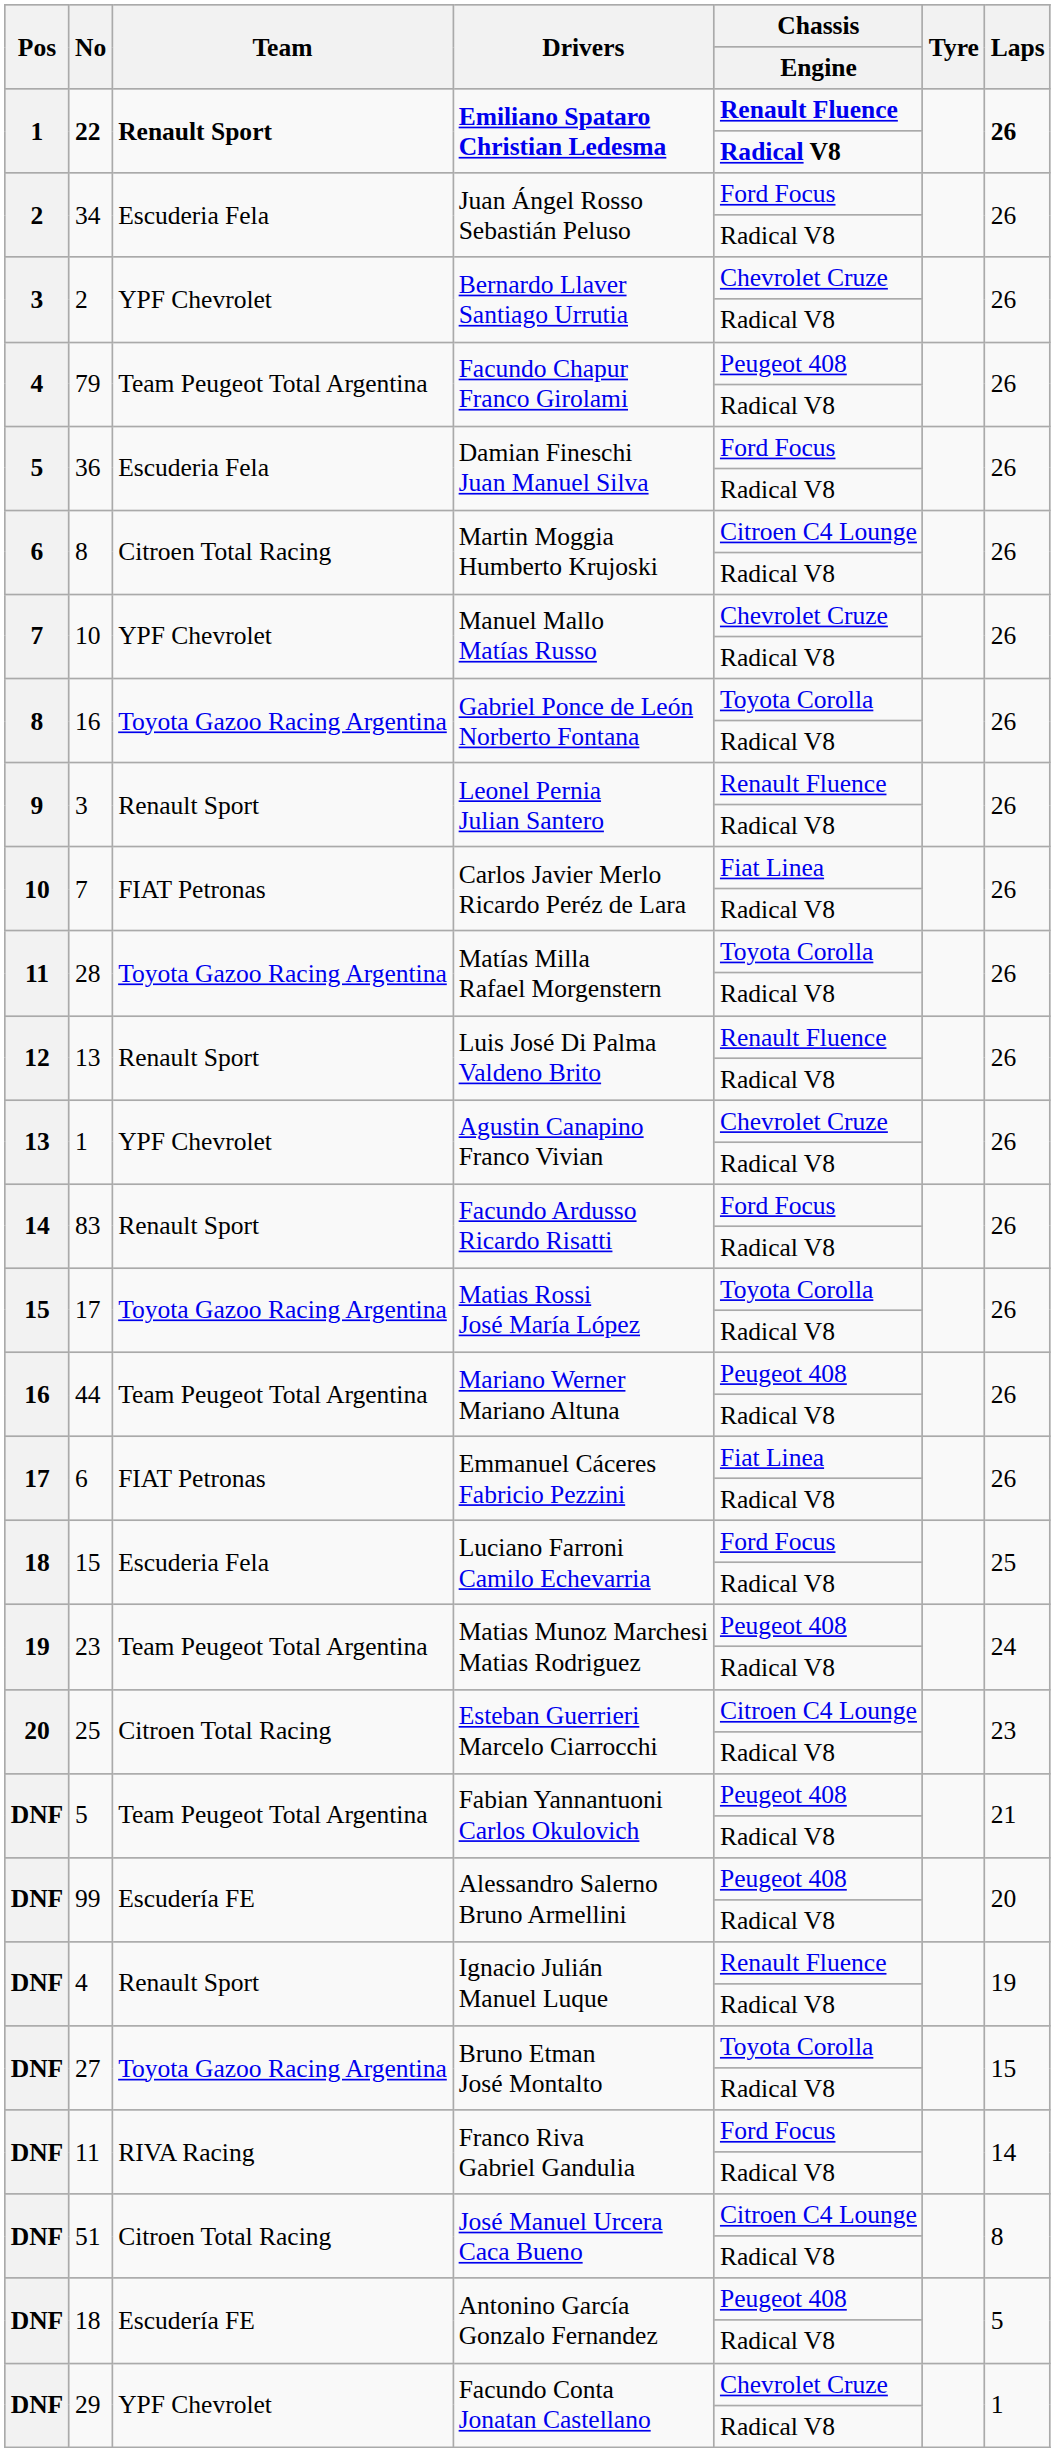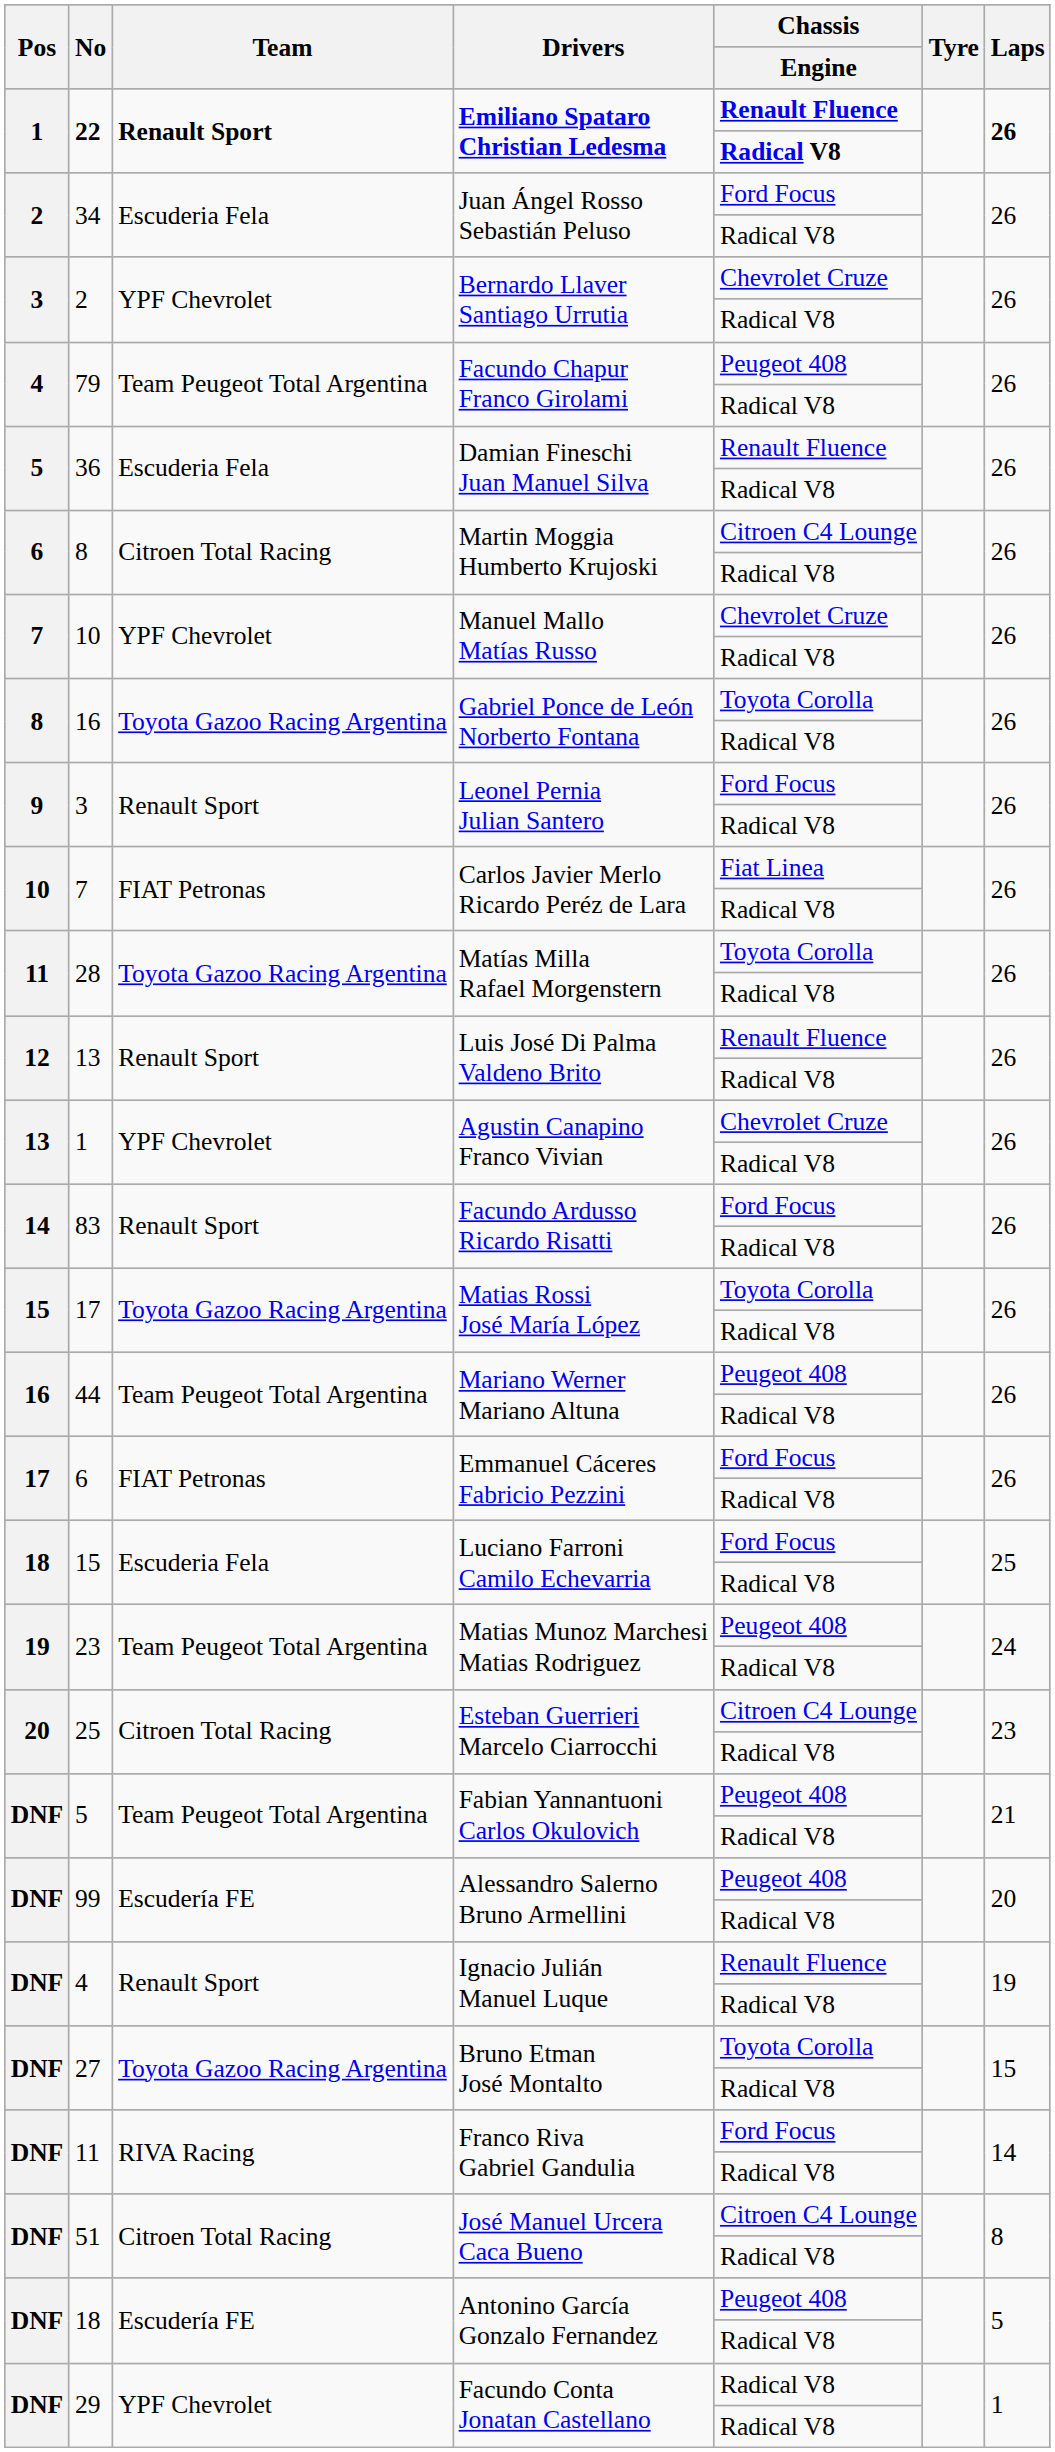 <table class="wikitable" style="font-size: 95%;">
 <tr>
 <th rowspan=2>Pos</th>
 <th rowspan=2>No</th>
 <th rowspan=2>Team</th>
 <th rowspan=2>Drivers</th>
 <th>Chassis</th>
 <th rowspan=2>Tyre</th>
 <th rowspan=2>Laps</th>
 </tr>
 <tr>
 <th>Engine</th>
 </tr>
 <tr style="font-weight:bold">
 <th rowspan=2>1</th>
 <td rowspan=2>22</td>
 <td rowspan=2>Renault Sport</td>
 <td rowspan=2> <a href='#'>Emiliano Spataro</a><br> <a href='#'>Christian Ledesma</a></td>
 <td><a href='#'>Renault Fluence</a></td>
 <td rowspan=2></td>
 <td rowspan=2>26</td>
 </tr>
 <tr style="font-weight:bold">
 <td><a href='#'>Radical</a> V8</td>
 </tr>
 <tr>
 <th rowspan=2>2</th>
 <td rowspan=2>34</td>
 <td rowspan=2>Escuderia Fela</td>
 <td rowspan=2> Juan Ángel Rosso<br> Sebastián Peluso</td>
 <td><a href='#'>Ford Focus</a></td>
 <td rowspan=2></td>
 <td rowspan=2>26</td>
 </tr>
 <tr>
 <td>Radical V8</td>
 </tr>
 <tr>
 <th rowspan=2>3</th>
 <td rowspan=2>2</td>
 <td rowspan=2>YPF Chevrolet</td>
 <td rowspan=2> <a href='#'>Bernardo Llaver</a><br> <a href='#'>Santiago Urrutia</a></td>
 <td><a href='#'>Chevrolet Cruze</a></td>
 <td rowspan=2></td>
 <td rowspan=2>26</td>
 </tr>
 <tr>
 <td>Radical V8</td>
 </tr>
 <tr>
 <th rowspan=2>4</th>
 <td rowspan=2>79</td>
 <td rowspan=2>Team Peugeot Total Argentina</td>
 <td rowspan=2> <a href='#'>Facundo Chapur</a><br> <a href='#'>Franco Girolami</a></td>
 <td><a href='#'>Peugeot 408</a></td>
 <td rowspan=2></td>
 <td rowspan=2>26</td>
 </tr>
 <tr>
 <td>Radical V8</td>
 </tr>
 <tr>
 <th rowspan=2>5</th>
 <td rowspan=2>36</td>
 <td rowspan=2>Escuderia Fela</td>
 <td rowspan=2> Damian Fineschi<br> <a href='#'>Juan Manuel Silva</a></td>
-<td><a href='#'>Ford Focus</a></td>
+<td><a href='#'>Renault Fluence</a></td>
 <td rowspan=2></td>
 <td rowspan=2>26</td>
 </tr>
 <tr>
 <td>Radical V8</td>
 </tr>
 <tr>
 <th rowspan=2>6</th>
 <td rowspan=2>8</td>
 <td rowspan=2>Citroen Total Racing</td>
 <td rowspan=2> Martin Moggia<br> Humberto Krujoski</td>
 <td><a href='#'>Citroen C4 Lounge</a></td>
 <td rowspan=2></td>
 <td rowspan=2>26</td>
 </tr>
 <tr>
 <td>Radical V8</td>
 </tr>
 <tr>
 <th rowspan=2>7</th>
 <td rowspan=2>10</td>
 <td rowspan=2>YPF Chevrolet</td>
 <td rowspan=2> Manuel Mallo<br> <a href='#'>Matías Russo</a></td>
 <td><a href='#'>Chevrolet Cruze</a></td>
 <td rowspan=2></td>
 <td rowspan=2>26</td>
 </tr>
 <tr>
 <td>Radical V8</td>
 </tr>
 <tr>
 <th rowspan=2>8</th>
 <td rowspan=2>16</td>
 <td rowspan=2><a href='#'>Toyota Gazoo Racing Argentina</a></td>
 <td rowspan=2> <a href='#'>Gabriel Ponce de León</a><br> <a href='#'>Norberto Fontana</a></td>
 <td><a href='#'>Toyota Corolla</a></td>
 <td rowspan=2></td>
 <td rowspan=2>26</td>
 </tr>
 <tr>
 <td>Radical V8</td>
 </tr>
 <tr>
 <th rowspan=2>9</th>
 <td rowspan=2>3</td>
 <td rowspan=2>Renault Sport</td>
 <td rowspan=2> <a href='#'>Leonel Pernia</a><br> <a href='#'>Julian Santero</a></td>
-<td><a href='#'>Renault Fluence</a></td>
+<td><a href='#'>Ford Focus</a></td>
 <td rowspan=2></td>
 <td rowspan=2>26</td>
 </tr>
 <tr>
 <td>Radical V8</td>
 </tr>
 <tr>
 <th rowspan=2>10</th>
 <td rowspan=2>7</td>
 <td rowspan=2>FIAT Petronas</td>
 <td rowspan=2> Carlos Javier Merlo<br> Ricardo Peréz de Lara</td>
 <td><a href='#'>Fiat Linea</a></td>
 <td rowspan=2></td>
 <td rowspan=2>26</td>
 </tr>
 <tr>
 <td>Radical V8</td>
 </tr>
 <tr>
 <th rowspan=2>11</th>
 <td rowspan=2>28</td>
 <td rowspan=2><a href='#'>Toyota Gazoo Racing Argentina</a></td>
 <td rowspan=2> Matías Milla<br> Rafael Morgenstern</td>
 <td><a href='#'>Toyota Corolla</a></td>
 <td rowspan=2></td>
 <td rowspan=2>26</td>
 </tr>
 <tr>
 <td>Radical V8</td>
 </tr>
 <tr>
 <th rowspan=2>12</th>
 <td rowspan=2>13</td>
 <td rowspan=2>Renault Sport</td>
 <td rowspan=2> Luis José Di Palma<br> <a href='#'>Valdeno Brito</a></td>
 <td><a href='#'>Renault Fluence</a></td>
 <td rowspan=2></td>
 <td rowspan=2>26</td>
 </tr>
 <tr>
 <td>Radical V8</td>
 </tr>
 <tr>
 <th rowspan=2>13</th>
 <td rowspan=2>1</td>
 <td rowspan=2>YPF Chevrolet</td>
 <td rowspan=2> <a href='#'>Agustin Canapino</a><br> Franco Vivian</td>
 <td><a href='#'>Chevrolet Cruze</a></td>
 <td rowspan=2></td>
 <td rowspan=2>26</td>
 </tr>
 <tr>
 <td>Radical V8</td>
 </tr>
 <tr>
 <th rowspan=2>14</th>
 <td rowspan=2>83</td>
 <td rowspan=2>Renault Sport</td>
 <td rowspan=2> <a href='#'>Facundo Ardusso</a><br> <a href='#'>Ricardo Risatti</a></td>
 <td><a href='#'>Ford Focus</a></td>
 <td rowspan=2></td>
 <td rowspan=2>26</td>
 </tr>
 <tr>
 <td>Radical V8</td>
 </tr>
 <tr>
 <th rowspan=2>15</th>
 <td rowspan=2>17</td>
 <td rowspan=2><a href='#'>Toyota Gazoo Racing Argentina</a></td>
 <td rowspan=2> <a href='#'>Matias Rossi</a><br> <a href='#'>José María López</a></td>
 <td><a href='#'>Toyota Corolla</a></td>
 <td rowspan=2></td>
 <td rowspan=2>26</td>
 </tr>
 <tr>
 <td>Radical V8</td>
 </tr>
 <tr>
 <th rowspan=2>16</th>
 <td rowspan=2>44</td>
 <td rowspan=2>Team Peugeot Total Argentina</td>
 <td rowspan=2> <a href='#'>Mariano Werner</a><br> Mariano Altuna</td>
 <td><a href='#'>Peugeot 408</a></td>
 <td rowspan=2></td>
 <td rowspan=2>26</td>
 </tr>
 <tr>
 <td>Radical V8</td>
 </tr>
 <tr>
 <th rowspan=2>17</th>
 <td rowspan=2>6</td>
 <td rowspan=2>FIAT Petronas</td>
 <td rowspan=2> Emmanuel Cáceres<br> <a href='#'>Fabricio Pezzini</a></td>
-<td><a href='#'>Fiat Linea</a></td>
+<td><a href='#'>Ford Focus</a></td>
 <td rowspan=2></td>
 <td rowspan=2>26</td>
 </tr>
 <tr>
 <td>Radical V8</td>
 </tr>
 <tr>
 <th rowspan=2>18</th>
 <td rowspan=2>15</td>
 <td rowspan=2>Escuderia Fela</td>
 <td rowspan=2> Luciano Farroni<br> <a href='#'>Camilo Echevarria</a></td>
 <td><a href='#'>Ford Focus</a></td>
 <td rowspan=2></td>
 <td rowspan=2>25</td>
 </tr>
 <tr>
 <td>Radical V8</td>
 </tr>
 <tr>
 <th rowspan=2>19</th>
 <td rowspan=2>23</td>
 <td rowspan=2>Team Peugeot Total Argentina</td>
 <td rowspan=2> Matias Munoz Marchesi<br> Matias Rodriguez</td>
 <td><a href='#'>Peugeot 408</a></td>
 <td rowspan=2></td>
 <td rowspan=2>24</td>
 </tr>
 <tr>
 <td>Radical V8</td>
 </tr>
 <tr>
 <th rowspan=2>20</th>
 <td rowspan=2>25</td>
 <td rowspan=2>Citroen Total Racing</td>
 <td rowspan=2> <a href='#'>Esteban Guerrieri</a><br> Marcelo Ciarrocchi</td>
 <td><a href='#'>Citroen C4 Lounge</a></td>
 <td rowspan=2></td>
 <td rowspan=2>23</td>
 </tr>
 <tr>
 <td>Radical V8</td>
 </tr>
 <tr>
 <th rowspan=2>DNF</th>
 <td rowspan=2>5</td>
 <td rowspan=2>Team Peugeot Total Argentina</td>
 <td rowspan=2> Fabian Yannantuoni<br> <a href='#'>Carlos Okulovich</a></td>
 <td><a href='#'>Peugeot 408</a></td>
 <td rowspan=2></td>
 <td rowspan=2>21</td>
 </tr>
 <tr>
 <td>Radical V8</td>
 </tr>
 <tr>
 <th rowspan=2>DNF</th>
 <td rowspan=2>99</td>
 <td rowspan=2>Escudería FE</td>
 <td rowspan=2> Alessandro Salerno<br> Bruno Armellini</td>
 <td><a href='#'>Peugeot 408</a></td>
 <td rowspan=2></td>
 <td rowspan=2>20</td>
 </tr>
 <tr>
 <td>Radical V8</td>
 </tr>
 <tr>
 <th rowspan=2>DNF</th>
 <td rowspan=2>4</td>
 <td rowspan=2>Renault Sport</td>
 <td rowspan=2> Ignacio Julián<br> Manuel Luque</td>
 <td><a href='#'>Renault Fluence</a></td>
 <td rowspan=2></td>
 <td rowspan=2>19</td>
 </tr>
 <tr>
 <td>Radical V8</td>
 </tr>
 <tr>
 <th rowspan=2>DNF</th>
 <td rowspan=2>27</td>
 <td rowspan=2><a href='#'>Toyota Gazoo Racing Argentina</a></td>
 <td rowspan=2> Bruno Etman<br> José Montalto</td>
 <td><a href='#'>Toyota Corolla</a></td>
 <td rowspan=2></td>
 <td rowspan=2>15</td>
 </tr>
 <tr>
 <td>Radical V8</td>
 </tr>
 <tr>
 <th rowspan=2>DNF</th>
 <td rowspan=2>11</td>
 <td rowspan=2>RIVA Racing</td>
 <td rowspan=2> Franco Riva<br> Gabriel Gandulia</td>
 <td><a href='#'>Ford Focus</a></td>
 <td rowspan=2></td>
 <td rowspan=2>14</td>
 </tr>
 <tr>
 <td>Radical V8</td>
 </tr>
 <tr>
 <th rowspan=2>DNF</th>
 <td rowspan=2>51</td>
 <td rowspan=2>Citroen Total Racing</td>
 <td rowspan=2> <a href='#'>José Manuel Urcera</a><br> <a href='#'>Caca Bueno</a></td>
 <td><a href='#'>Citroen C4 Lounge</a></td>
 <td rowspan=2></td>
 <td rowspan=2>8</td>
 </tr>
 <tr>
 <td>Radical V8</td>
 </tr>
 <tr>
 <th rowspan=2>DNF</th>
 <td rowspan=2>18</td>
 <td rowspan=2>Escudería FE</td>
 <td rowspan=2> Antonino García<br> Gonzalo Fernandez</td>
 <td><a href='#'>Peugeot 408</a></td>
 <td rowspan=2></td>
 <td rowspan=2>5</td>
 </tr>
 <tr>
 <td>Radical V8</td>
 </tr>
 <tr>
 <th rowspan=2>DNF</th>
 <td rowspan=2>29</td>
 <td rowspan=2>YPF Chevrolet</td>
 <td rowspan=2> Facundo Conta<br> <a href='#'>Jonatan Castellano</a></td>
-<td><a href='#'>Chevrolet Cruze</a></td>
+<td>Radical V8</td>
 <td rowspan=2></td>
 <td rowspan=2>1</td>
 </tr>
 <tr>
 <td>Radical V8</td>
 </tr>
 <tr>
 </tr>
 </table>
